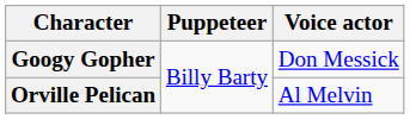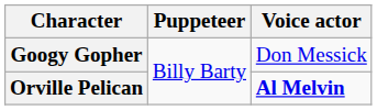 <table class="wikitable">
 <tr>
 <th>Character</th>
 <th>Puppeteer</th>
 <th>Voice actor</th>
 </tr>
 <tr>
 <th>Googy Gopher</th>
 <td rowspan="2"><a href='#'>Billy Barty</a></td>
 <td><a href='#'>Don Messick</a></td>
 </tr>
 <tr>
 <th>Orville Pelican</th>
-<td><a href='#'>Al Melvin</a></td>
+<td><strong><a href='#'>Al Melvin</a></strong></td>
 </tr>
 </table>
